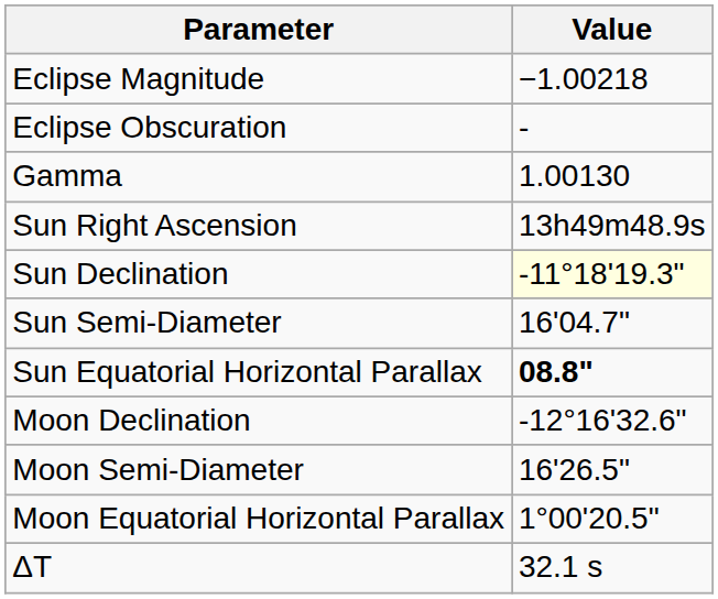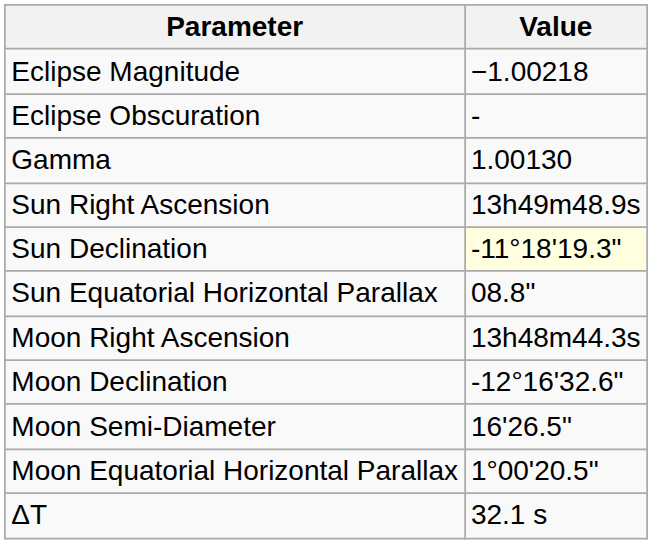 <table class="wikitable">
 <tr>
 <th>Parameter</th>
 <th>Value</th>
 </tr>
 <tr>
 <td>Eclipse Magnitude</td>
 <td>−1.00218</td>
 </tr>
 <tr>
 <td>Eclipse Obscuration</td>
 <td>-</td>
 </tr>
 <tr>
 <td>Gamma</td>
 <td>1.00130</td>
 </tr>
 <tr>
 <td>Sun Right Ascension</td>
 <td>13h49m48.9s</td>
 </tr>
 <tr>
 <td>Sun Declination</td>
 <td style="background: lightyellow;">-11°18'19.3"</td>
 </tr>
 <tr>
-<td>Sun Semi-Diameter</td>
-<td>16'04.7"</td>
+<td>Sun Equatorial Horizontal Parallax</td>
+<td>08.8"</td>
 </tr>
 <tr>
-<td>Sun Equatorial Horizontal Parallax</td>
-<td><strong>08.8"</strong></td>
+<td>Moon Right Ascension</td>
+<td>13h48m44.3s</td>
 </tr>
 <tr>
 <td>Moon Declination</td>
 <td>-12°16'32.6"</td>
 </tr>
 <tr>
 <td>Moon Semi-Diameter</td>
 <td>16'26.5"</td>
 </tr>
 <tr>
 <td>Moon Equatorial Horizontal Parallax</td>
 <td>1°00'20.5"</td>
 </tr>
 <tr>
 <td>ΔT</td>
 <td>32.1 s</td>
 </tr>
 </table>
